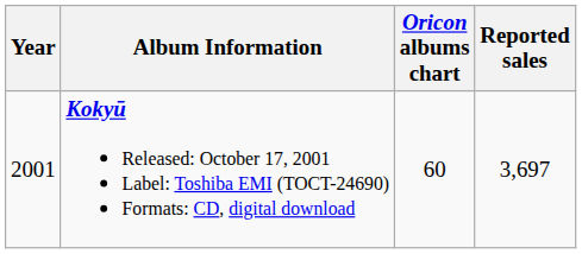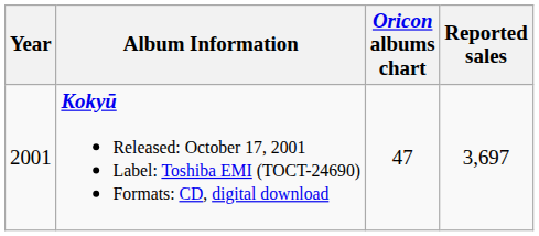 <table class="wikitable">
 <tr>
 <th rowspan="1">Year</th>
 <th rowspan="1">Album Information</th>
 <th colspan="1"><em><a href='#'>Oricon</a></em><br>albums<br>chart<br></th>
 <th colspan="1">Reported<br>sales<br></th>
 </tr>
 <tr>
 <td align="center">2001</td>
 <td><strong><em><a href='#'>Kokyū</a></em></strong><br><ul><li><small>Released: October 17, 2001</small></li><li><small>Label: <a href='#'>Toshiba EMI</a> (TOCT-24690)</small></li><li><small>Formats: <a href='#'>CD</a>, <a href='#'>digital download</a></small></li></ul></td>
-<td align="center">60</td>
+<td align="center">47</td>
 <td align="center">3,697</td>
 </tr>
 </table>
